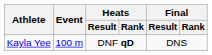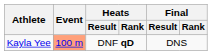 <table class="wikitable" style="font-size:90%">
 <tr>
 <th rowspan=2>Athlete</th>
 <th rowspan=2>Event</th>
 <th colspan=2>Heats</th>
 <th colspan=2>Final</th>
 </tr>
 <tr style="font-size:95%">
 <th>Result</th>
 <th>Rank</th>
 <th>Result</th>
 <th>Rank</th>
 </tr>
 <tr align=center>
 <td align=left><a href='#'>Kayla Yee</a></td>
-<td align=left><a href='#'>100 m</a></td>
+<td align=left style="background: lightsalmon;"><a href='#'>100 m</a></td>
 <td colspan=2>DNF <strong>qD</strong></td>
 <td colspan=2>DNS</td>
 </tr>
 </table>
